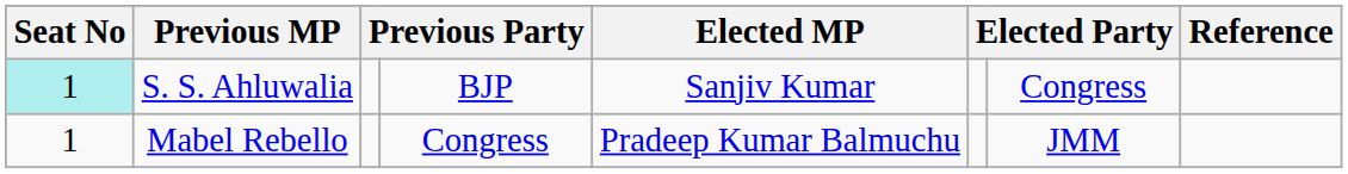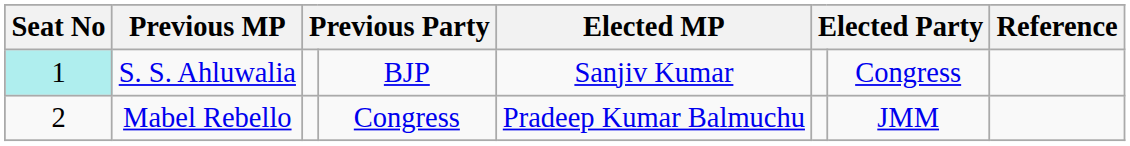 <table class="wikitable">
 <tr>
 <th>Seat No</th>
 <th>Previous MP</th>
 <th colspan=2>Previous Party</th>
 <th>Elected MP</th>
 <th colspan=2>Elected Party</th>
 <th>Reference</th>
 </tr>
 <tr style="text-align:center;">
 <td style="background: paleturquoise;">1</td>
 <td><a href='#'>S. S. Ahluwalia</a></td>
 <td width="1px"></td>
 <td><a href='#'>BJP</a></td>
 <td><a href='#'>Sanjiv Kumar</a></td>
 <td width="1px"></td>
 <td><a href='#'>Congress</a></td>
 <td rowspan=1></td>
 </tr>
 <tr style="text-align:center;">
-<td>1</td>
+<td>2</td>
 <td><a href='#'>Mabel Rebello</a></td>
 <td width="1px"></td>
 <td><a href='#'>Congress</a></td>
 <td><a href='#'>Pradeep Kumar Balmuchu</a></td>
 <td width="1px"></td>
 <td><a href='#'>JMM</a></td>
 <td rowspan=1></td>
 </tr>
 </table>
